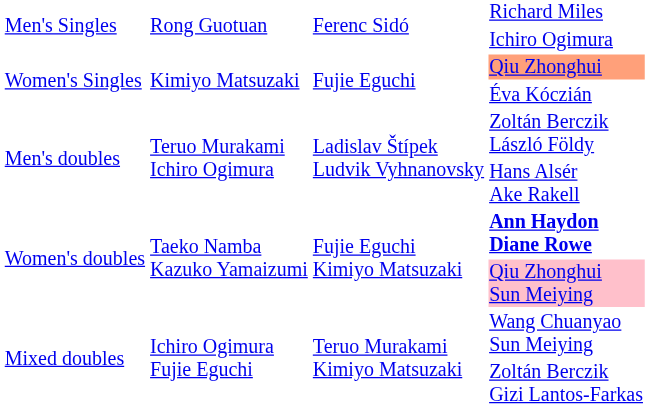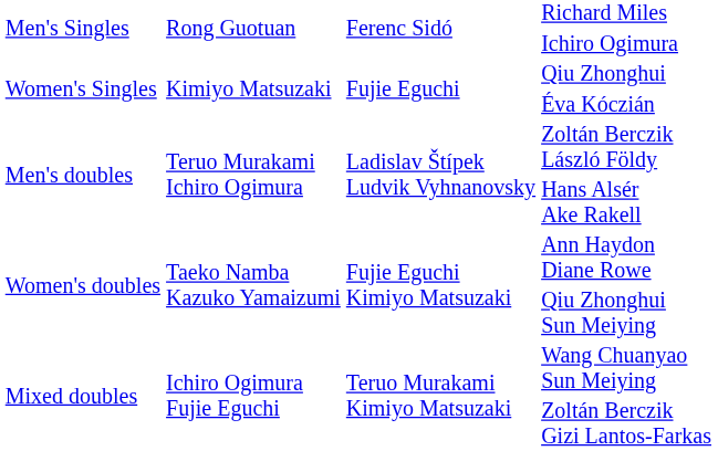 <table>
 <tr>
 <td rowspan=2><a href='#'>Men's Singles</a></td>
 <td rowspan=2> <a href='#'>Rong Guotuan</a></td>
 <td rowspan=2> <a href='#'>Ferenc Sidó</a></td>
 <td> <a href='#'>Richard Miles</a></td>
 </tr>
 <tr>
 <td> <a href='#'>Ichiro Ogimura</a></td>
 </tr>
 <tr>
 <td rowspan=2><a href='#'>Women's Singles</a></td>
 <td rowspan=2> <a href='#'>Kimiyo Matsuzaki</a></td>
 <td rowspan=2> <a href='#'>Fujie Eguchi</a></td>
-<td style="background: lightsalmon;"> <a href='#'>Qiu Zhonghui</a></td>
+<td> <a href='#'>Qiu Zhonghui</a></td>
 </tr>
 <tr>
 <td> <a href='#'>Éva Kóczián</a></td>
 </tr>
 <tr>
 <td rowspan=2><a href='#'>Men's doubles</a></td>
 <td rowspan=2> <a href='#'>Teruo Murakami</a><br> <a href='#'>Ichiro Ogimura</a></td>
 <td rowspan=2> <a href='#'>Ladislav Štípek</a><br> <a href='#'>Ludvik Vyhnanovsky</a></td>
 <td> <a href='#'>Zoltán Berczik</a><br> <a href='#'>László Földy</a></td>
 </tr>
 <tr>
 <td> <a href='#'>Hans Alsér</a><br> <a href='#'>Ake Rakell</a></td>
 </tr>
 <tr>
 <td rowspan=2><a href='#'>Women's doubles</a></td>
 <td rowspan=2> <a href='#'>Taeko Namba</a><br> <a href='#'>Kazuko Yamaizumi</a></td>
 <td rowspan=2> <a href='#'>Fujie Eguchi</a><br> <a href='#'>Kimiyo Matsuzaki</a></td>
-<td><strong> <a href='#'>Ann Haydon</a><br> <a href='#'>Diane Rowe</a></strong></td>
+<td> <a href='#'>Ann Haydon</a><br> <a href='#'>Diane Rowe</a></td>
 </tr>
 <tr>
-<td style="background: pink;"> <a href='#'>Qiu Zhonghui</a><br> <a href='#'>Sun Meiying</a></td>
+<td> <a href='#'>Qiu Zhonghui</a><br> <a href='#'>Sun Meiying</a></td>
 </tr>
 <tr>
 <td rowspan=2><a href='#'>Mixed doubles</a></td>
 <td rowspan=2> <a href='#'>Ichiro Ogimura</a><br> <a href='#'>Fujie Eguchi</a></td>
 <td rowspan=2> <a href='#'>Teruo Murakami</a><br> <a href='#'>Kimiyo Matsuzaki</a></td>
 <td> <a href='#'>Wang Chuanyao</a><br> <a href='#'>Sun Meiying</a></td>
 </tr>
 <tr>
 <td> <a href='#'>Zoltán Berczik</a><br> <a href='#'>Gizi Lantos-Farkas</a></td>
 </tr>
 </table>
